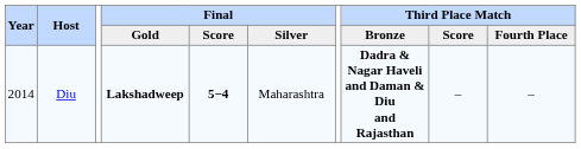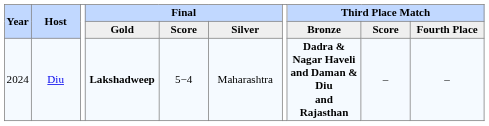 <table border=1 style="border-collapse:collapse; font-size:90%; width:100%; text-align:center" cellpadding=2 cellspacing=0>
 <tr style="background:#c1d8ff;">
 <th rowspan="2" style="width:5%;">Year</th>
 <th rowspan="2" style="width:10%;">Host</th>
 <th rowspan="13" style="width:1%; background:#fff;"></th>
 <th colspan=3>Final</th>
 <th rowspan="13" style="width:1%; background:#fff;"></th>
 <th colspan=3>Third Place Match</th>
 </tr>
 <tr style="background:#efefef;">
 <th width=15%> Gold</th>
 <th width=10%>Score</th>
 <th width=15%> Silver</th>
 <th width=15%> Bronze</th>
 <th width=10%>Score</th>
 <th width=15%>Fourth Place</th>
 </tr>
 <tr style="background:#f5faff;">
-<td>2014</td>
+<td>2024</td>
 <td><a href='#'>Diu</a></td>
 <td><strong>Lakshadweep</strong></td>
-<td><strong>5−4</strong></td>
+<td>5−4</td>
 <td>Maharashtra</td>
 <td><strong>Dadra & Nagar Haveli and Daman & Diu<br>and<br>Rajasthan</strong></td>
 <td>–</td>
 <td>–</td>
 </tr>
 </table>
